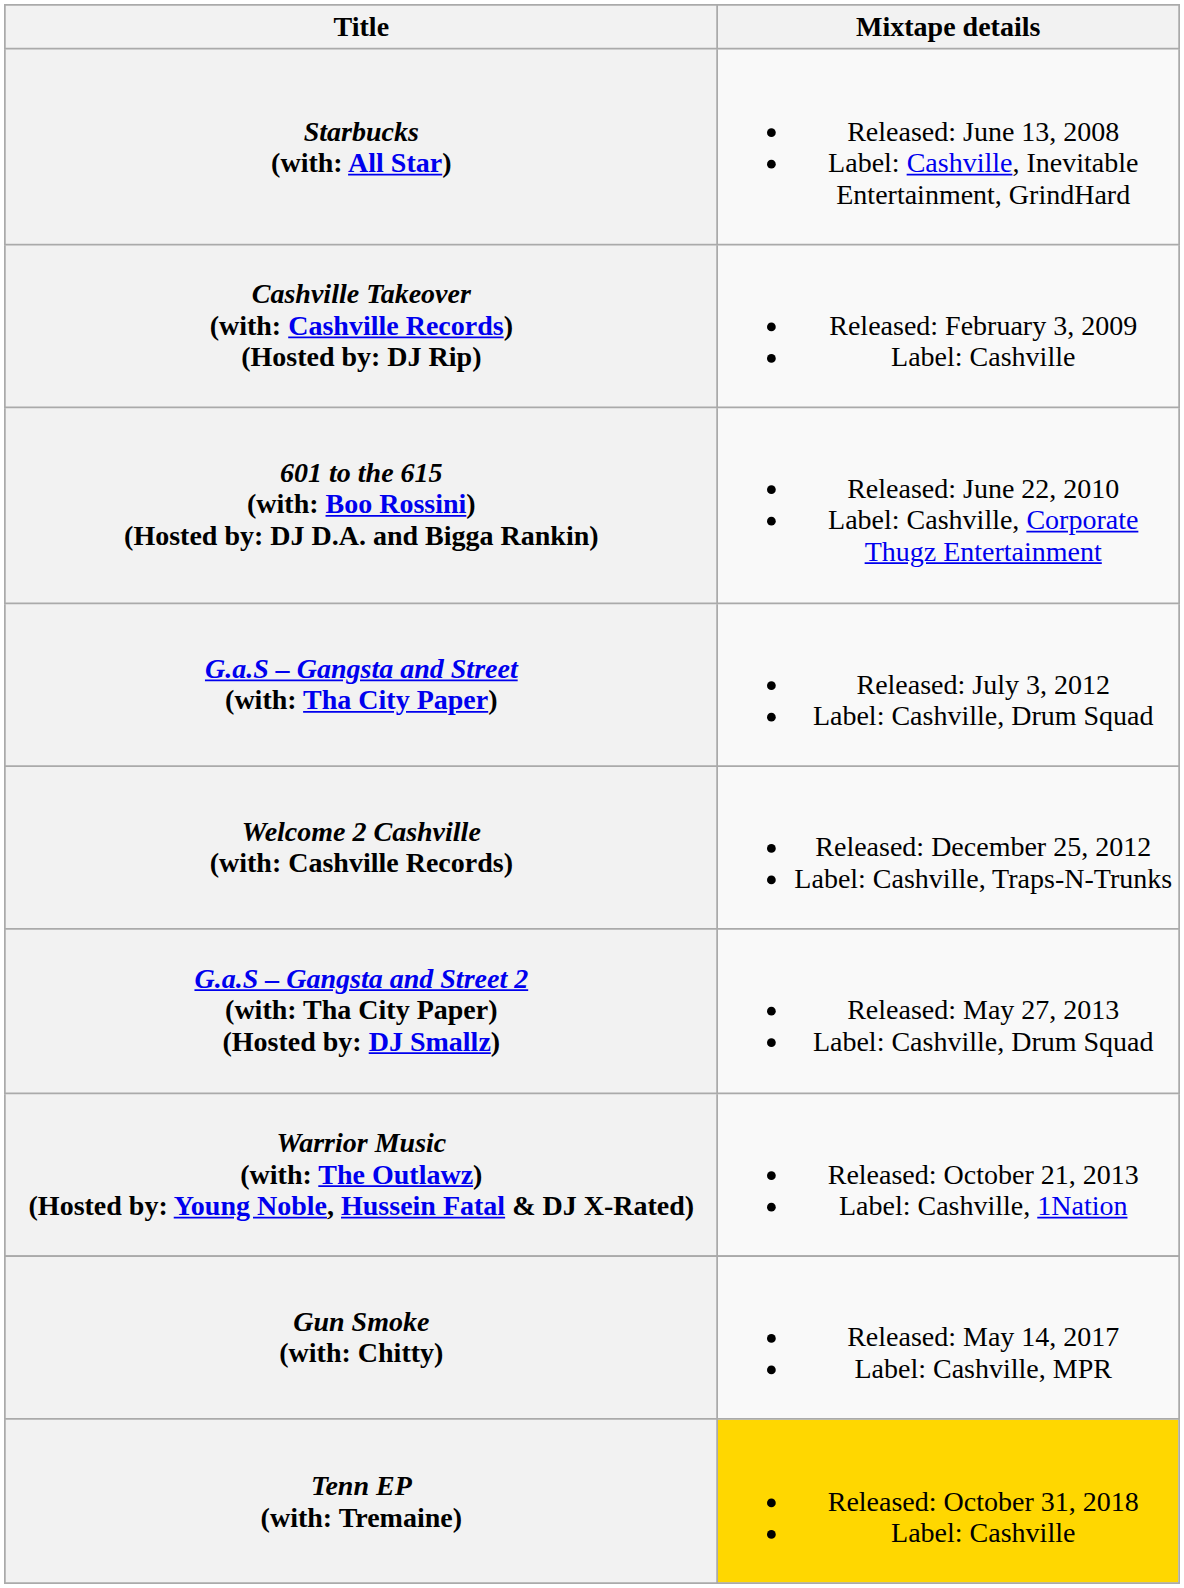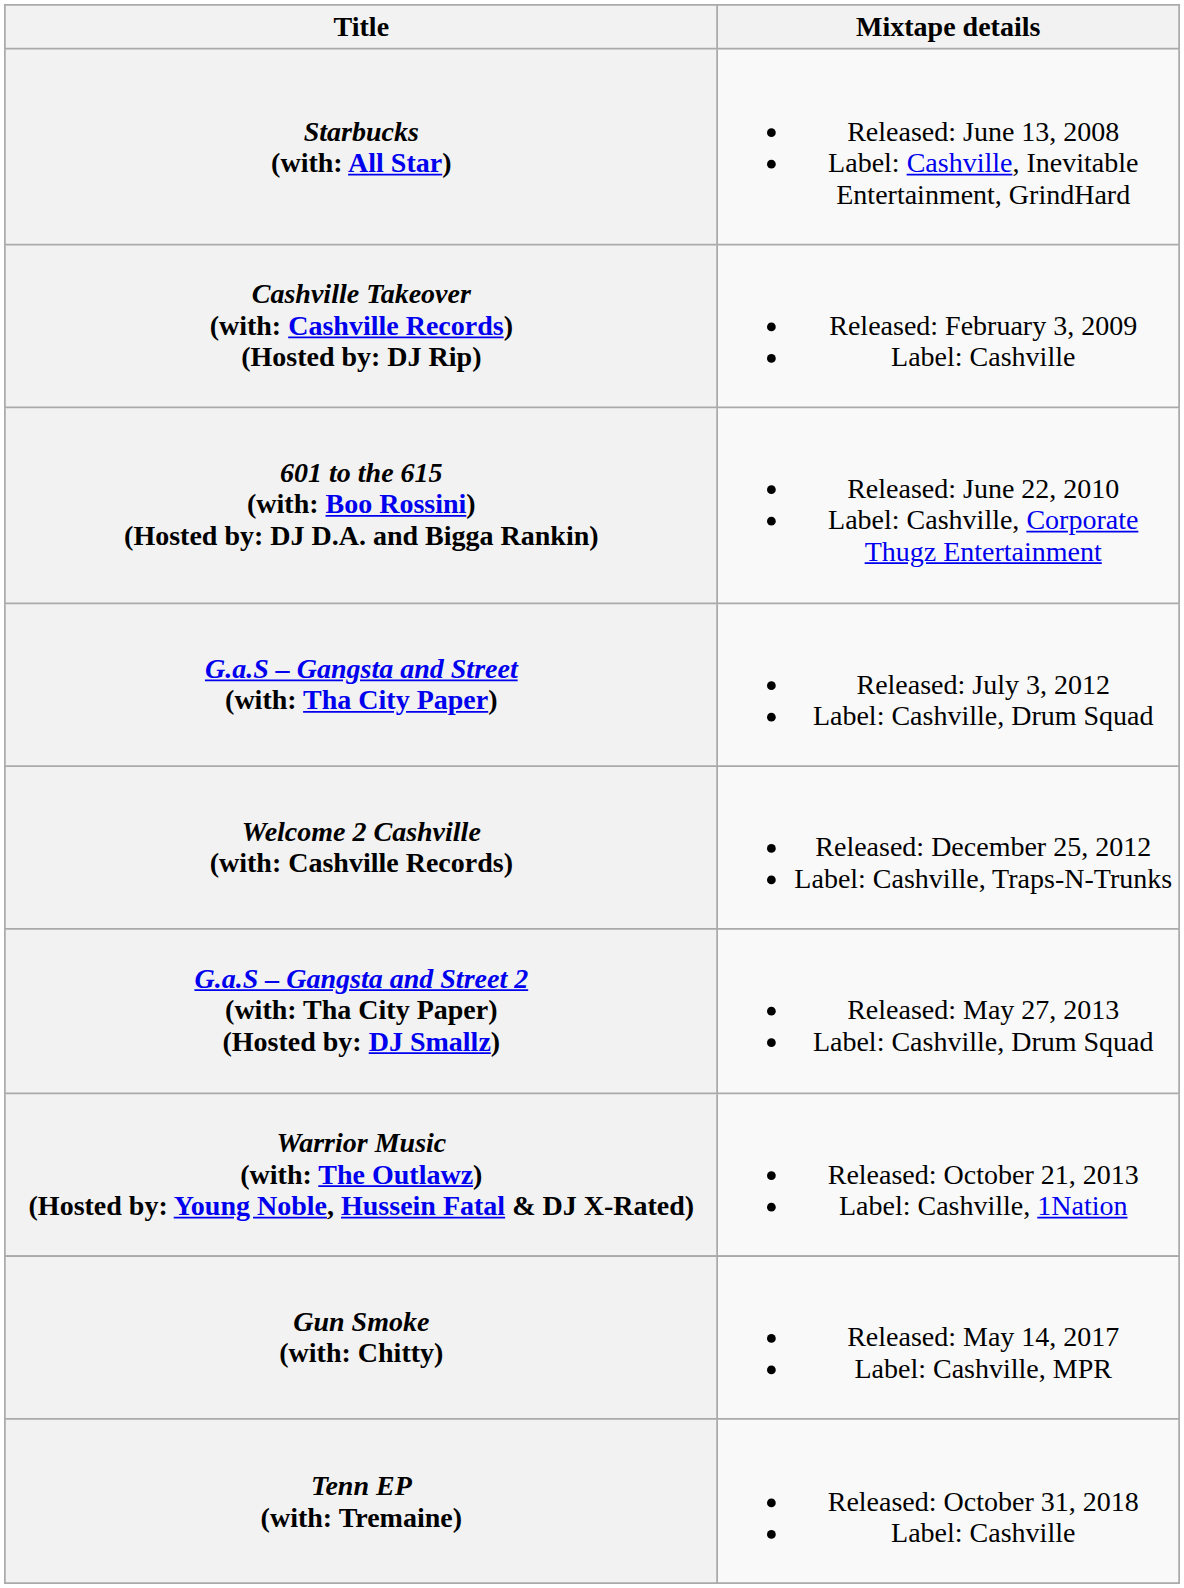 <table class="wikitable plainrowheaders" style="text-align:center;">
 <tr>
 <th scope="col" style="width:25em;">Title</th>
 <th scope="col" style="width:16em;">Mixtape details</th>
 </tr>
 <tr>
 <th scope="row"><em>Starbucks</em> <br><span>(with: <a href='#'>All Star</a>)</span></th>
 <td><br><ul><li>Released: June 13, 2008</li><li>Label: <a href='#'>Cashville</a>, Inevitable Entertainment, GrindHard</li></ul></td>
 </tr>
 <tr>
 <th scope="row"><em>Cashville Takeover</em> <br><span>(with: <a href='#'>Cashville Records</a>)</span><br><span>(Hosted by: DJ Rip)</span></th>
 <td><br><ul><li>Released: February 3, 2009</li><li>Label: Cashville</li></ul></td>
 </tr>
 <tr>
 <th scope="row"><em>601 to the 615</em> <br><span>(with: <a href='#'>Boo Rossini</a>)</span><br><span>(Hosted by: DJ D.A. and Bigga Rankin)</span></th>
 <td><br><ul><li>Released: June 22, 2010</li><li>Label: Cashville, <a href='#'>Corporate Thugz Entertainment</a></li></ul></td>
 </tr>
 <tr>
 <th scope="row"><em><a href='#'>G.a.S – Gangsta and Street</a></em> <br><span>(with: <a href='#'>Tha City Paper</a>)</span></th>
 <td><br><ul><li>Released: July 3, 2012</li><li>Label: Cashville, Drum Squad</li></ul></td>
 </tr>
 <tr>
 <th scope="row"><em>Welcome 2 Cashville</em> <br><span>(with: Cashville Records)</span></th>
 <td><br><ul><li>Released: December 25, 2012</li><li>Label: Cashville, Traps-N-Trunks</li></ul></td>
 </tr>
 <tr>
 <th scope="row"><em><a href='#'>G.a.S – Gangsta and Street 2</a></em> <br><span>(with: Tha City Paper)</span><br><span>(Hosted by: <a href='#'>DJ Smallz</a>)</span></th>
 <td><br><ul><li>Released: May 27, 2013</li><li>Label: Cashville, Drum Squad</li></ul></td>
 </tr>
 <tr>
 <th scope="row"><em>Warrior Music</em> <br><span>(with: <a href='#'>The Outlawz</a>)</span><br><span>(Hosted by: <a href='#'>Young Noble</a>, <a href='#'>Hussein Fatal</a> & DJ X-Rated)</span></th>
 <td><br><ul><li>Released: October 21, 2013</li><li>Label: Cashville, <a href='#'>1Nation</a></li></ul></td>
 </tr>
 <tr>
 </tr>
 <tr>
 <th scope="row"><em>Gun Smoke</em> <br><span>(with: Chitty)</span></th>
 <td><br><ul><li>Released: May 14, 2017</li><li>Label: Cashville, MPR</li></ul></td>
 </tr>
 <tr>
 <th scope="row"><em>Tenn EP</em> <br><span>(with: Tremaine)</span></th>
-<td style="background: gold;"><br><ul><li>Released: October 31, 2018</li><li>Label: Cashville</li></ul></td>
+<td><br><ul><li>Released: October 31, 2018</li><li>Label: Cashville</li></ul></td>
 </tr>
 <tr>
 </tr>
 </table>
